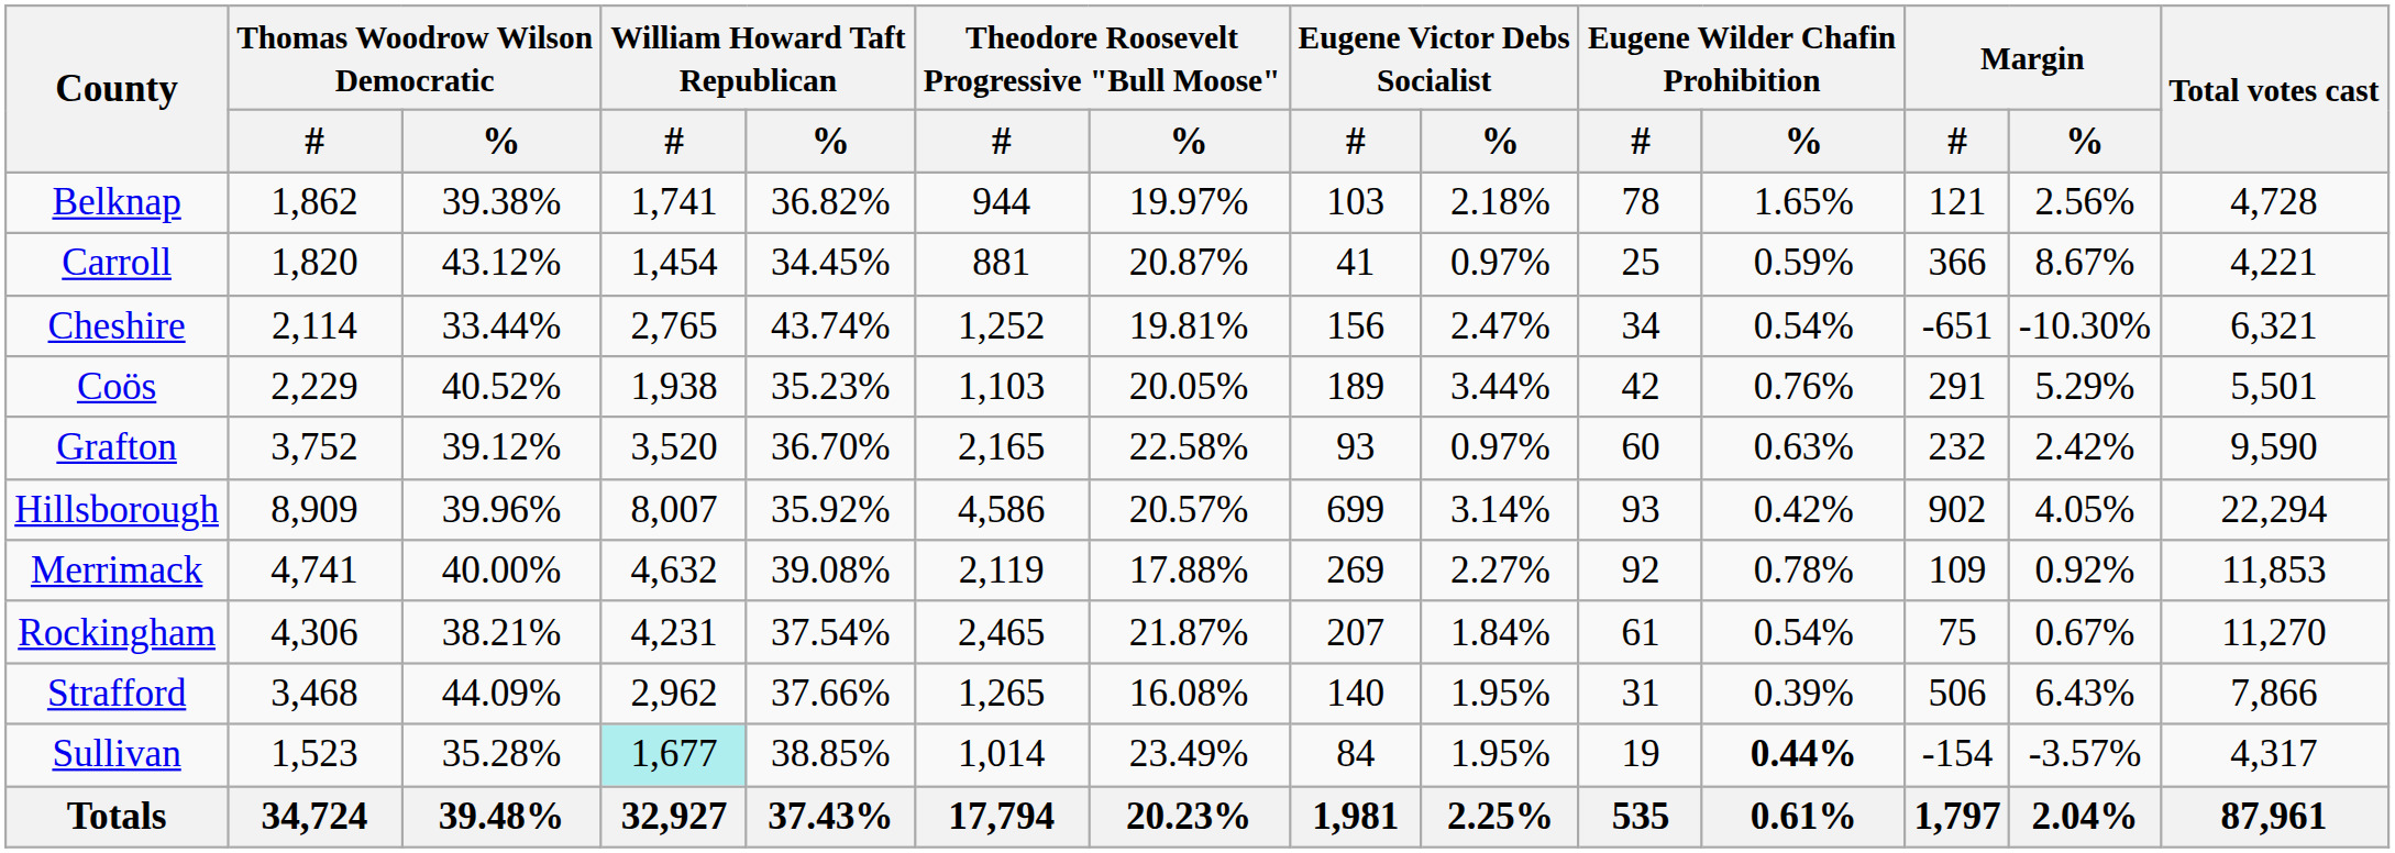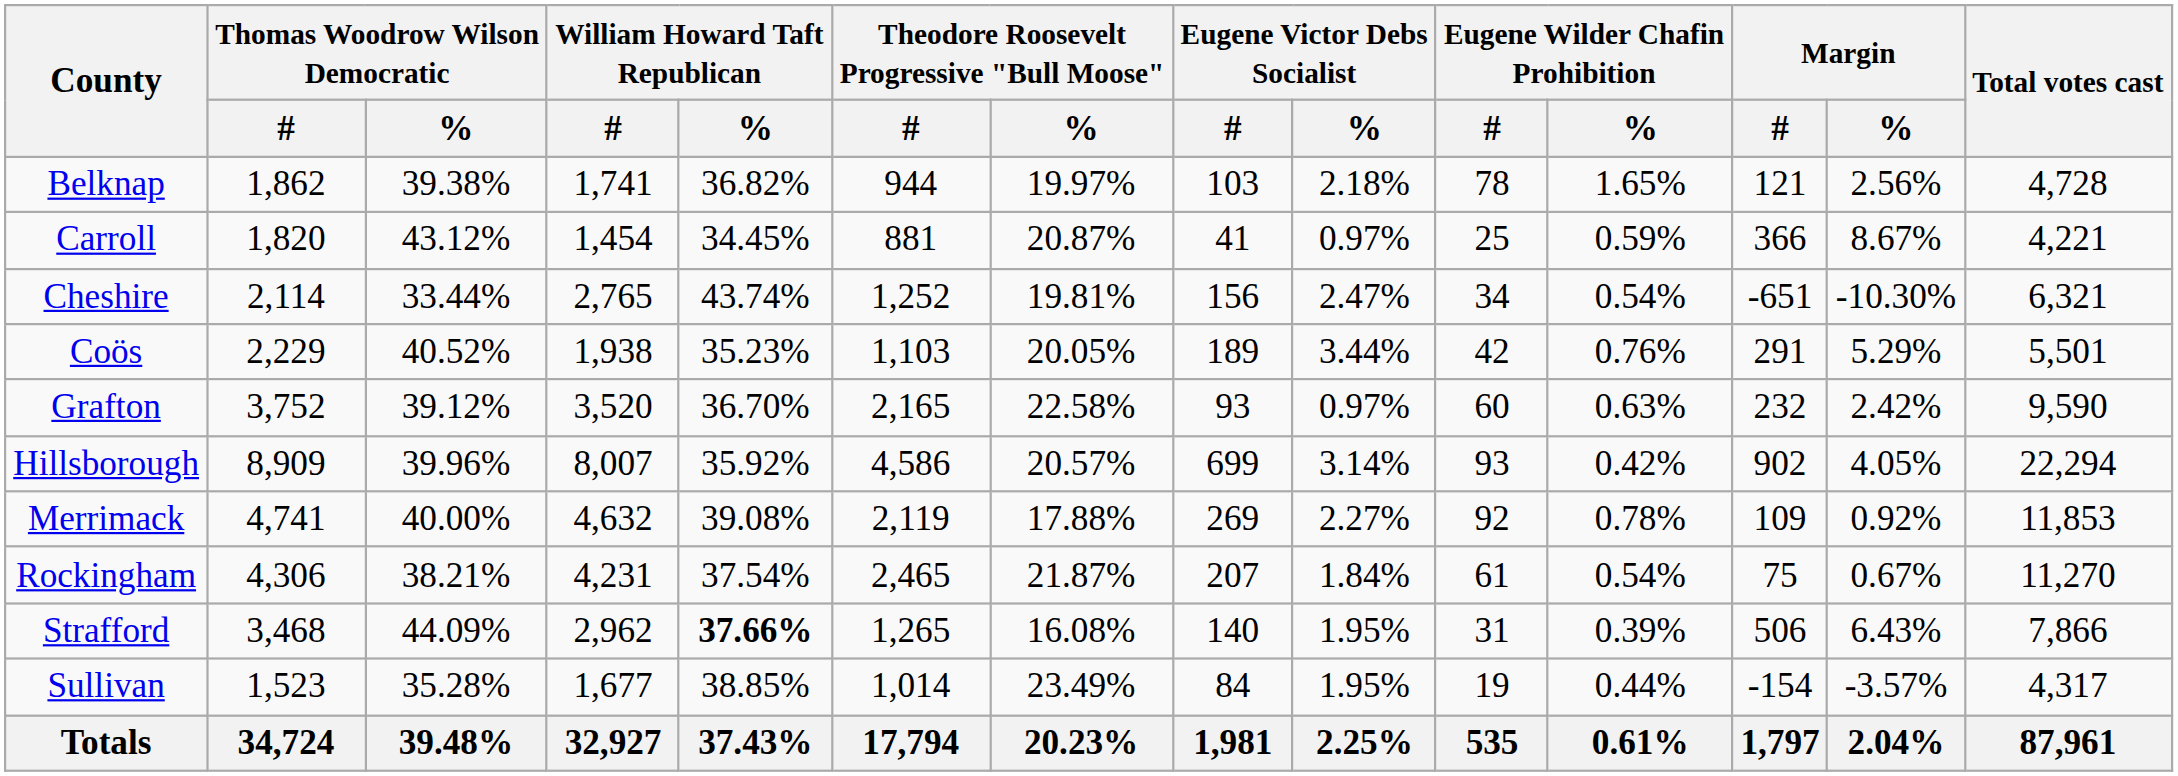 <table class="wikitable sortable">
 <tr>
 <th rowspan="2">County</th>
 <th colspan="2"><small>Thomas Woodrow Wilson</small><br><small>Democratic</small></th>
 <th colspan="2"><small>William Howard Taft</small><br><small>Republican</small></th>
 <th colspan="2"><small>Theodore Roosevelt</small><br><small>Progressive "Bull Moose"</small></th>
 <th colspan="2"><small>Eugene Victor Debs</small><br><small>Socialist</small></th>
 <th colspan="2"><small>Eugene Wilder Chafin</small><br><small>Prohibition</small></th>
 <th colspan="2"><small>Margin</small></th>
 <th rowspan="2"><small>Total votes cast</small></th>
 </tr>
 <tr bgcolor="lightgrey">
 <th data-sort-type="number">#</th>
 <th data-sort-type="number">%</th>
 <th data-sort-type="number">#</th>
 <th data-sort-type="number">%</th>
 <th data-sort-type="number">#</th>
 <th data-sort-type="number">%</th>
 <th data-sort-type="number">#</th>
 <th data-sort-type="number">%</th>
 <th data-sort-type="number">#</th>
 <th data-sort-type="number">%</th>
 <th data-sort-type="number">#</th>
 <th data-sort-type="number">%</th>
 </tr>
 <tr style="text-align:center;">
 <td><a href='#'>Belknap</a></td>
 <td>1,862</td>
 <td>39.38%</td>
 <td>1,741</td>
 <td>36.82%</td>
 <td>944</td>
 <td>19.97%</td>
 <td>103</td>
 <td>2.18%</td>
 <td>78</td>
 <td>1.65%</td>
 <td>121</td>
 <td>2.56%</td>
 <td>4,728</td>
 </tr>
 <tr style="text-align:center;">
 <td><a href='#'>Carroll</a></td>
 <td>1,820</td>
 <td>43.12%</td>
 <td>1,454</td>
 <td>34.45%</td>
 <td>881</td>
 <td>20.87%</td>
 <td>41</td>
 <td>0.97%</td>
 <td>25</td>
 <td>0.59%</td>
 <td>366</td>
 <td>8.67%</td>
 <td>4,221</td>
 </tr>
 <tr style="text-align:center;">
 <td><a href='#'>Cheshire</a></td>
 <td>2,114</td>
 <td>33.44%</td>
 <td>2,765</td>
 <td>43.74%</td>
 <td>1,252</td>
 <td>19.81%</td>
 <td>156</td>
 <td>2.47%</td>
 <td>34</td>
 <td>0.54%</td>
 <td>-651</td>
 <td>-10.30%</td>
 <td>6,321</td>
 </tr>
 <tr style="text-align:center;">
 <td><a href='#'>Coös</a></td>
 <td>2,229</td>
 <td>40.52%</td>
 <td>1,938</td>
 <td>35.23%</td>
 <td>1,103</td>
 <td>20.05%</td>
 <td>189</td>
 <td>3.44%</td>
 <td>42</td>
 <td>0.76%</td>
 <td>291</td>
 <td>5.29%</td>
 <td>5,501</td>
 </tr>
 <tr style="text-align:center;">
 <td><a href='#'>Grafton</a></td>
 <td>3,752</td>
 <td>39.12%</td>
 <td>3,520</td>
 <td>36.70%</td>
 <td>2,165</td>
 <td>22.58%</td>
 <td>93</td>
 <td>0.97%</td>
 <td>60</td>
 <td>0.63%</td>
 <td>232</td>
 <td>2.42%</td>
 <td>9,590</td>
 </tr>
 <tr style="text-align:center;">
 <td><a href='#'>Hillsborough</a></td>
 <td>8,909</td>
 <td>39.96%</td>
 <td>8,007</td>
 <td>35.92%</td>
 <td>4,586</td>
 <td>20.57%</td>
 <td>699</td>
 <td>3.14%</td>
 <td>93</td>
 <td>0.42%</td>
 <td>902</td>
 <td>4.05%</td>
 <td>22,294</td>
 </tr>
 <tr style="text-align:center;">
 <td><a href='#'>Merrimack</a></td>
 <td>4,741</td>
 <td>40.00%</td>
 <td>4,632</td>
 <td>39.08%</td>
 <td>2,119</td>
 <td>17.88%</td>
 <td>269</td>
 <td>2.27%</td>
 <td>92</td>
 <td>0.78%</td>
 <td>109</td>
 <td>0.92%</td>
 <td>11,853</td>
 </tr>
 <tr style="text-align:center;">
 <td><a href='#'>Rockingham</a></td>
 <td>4,306</td>
 <td>38.21%</td>
 <td>4,231</td>
 <td>37.54%</td>
 <td>2,465</td>
 <td>21.87%</td>
 <td>207</td>
 <td>1.84%</td>
 <td>61</td>
 <td>0.54%</td>
 <td>75</td>
 <td>0.67%</td>
 <td>11,270</td>
 </tr>
 <tr style="text-align:center;">
 <td><a href='#'>Strafford</a></td>
 <td>3,468</td>
 <td>44.09%</td>
 <td>2,962</td>
-<td>37.66%</td>
+<td><strong>37.66%</strong></td>
 <td>1,265</td>
 <td>16.08%</td>
 <td>140</td>
 <td>1.95%</td>
 <td>31</td>
 <td>0.39%</td>
 <td>506</td>
 <td>6.43%</td>
 <td>7,866</td>
 </tr>
 <tr style="text-align:center;">
 <td><a href='#'>Sullivan</a></td>
 <td>1,523</td>
 <td>35.28%</td>
-<td style="background: paleturquoise;">1,677</td>
+<td>1,677</td>
 <td>38.85%</td>
 <td>1,014</td>
 <td>23.49%</td>
 <td>84</td>
 <td>1.95%</td>
 <td>19</td>
-<td><strong>0.44%</strong></td>
+<td>0.44%</td>
 <td>-154</td>
 <td>-3.57%</td>
 <td>4,317</td>
 </tr>
 <tr>
 <th>Totals</th>
 <th>34,724</th>
 <th>39.48%</th>
 <th>32,927</th>
 <th>37.43%</th>
 <th>17,794</th>
 <th>20.23%</th>
 <th>1,981</th>
 <th>2.25%</th>
 <th>535</th>
 <th>0.61%</th>
 <th>1,797</th>
 <th>2.04%</th>
 <th>87,961</th>
 </tr>
 </table>
